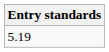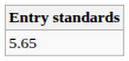 <table class="wikitable" border="1" align="upright">
 <tr>
 <th>Entry standards</th>
 </tr>
 <tr>
-<td>5.19</td>
+<td>5.65</td>
 </tr>
 </table>
